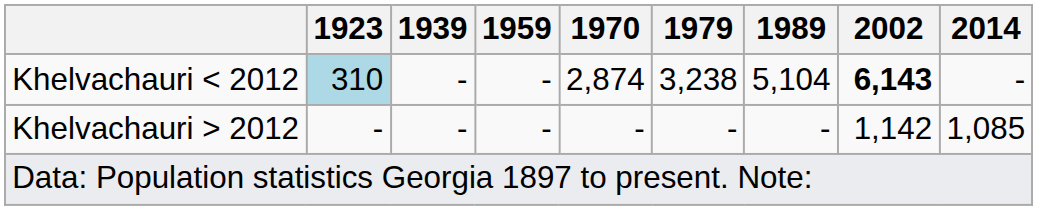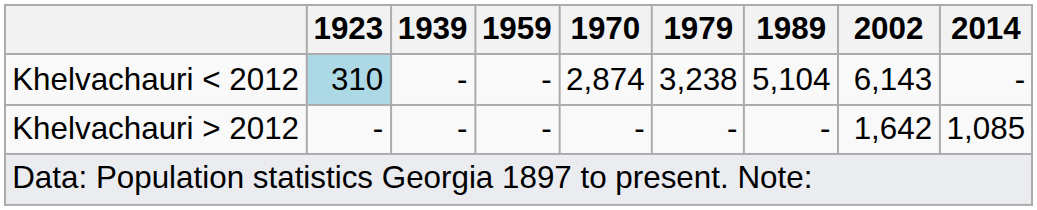 <table class="wikitable" style="text-align:right">
 <tr>
 <th></th>
 <th>1923</th>
 <th>1939</th>
 <th>1959</th>
 <th>1970</th>
 <th>1979</th>
 <th>1989</th>
 <th>2002</th>
 <th>2014</th>
 </tr>
 <tr>
 <td>Khelvachauri < 2012</td>
 <td style="background: lightblue;">310</td>
 <td>-</td>
 <td>-</td>
 <td> 2,874</td>
 <td> 3,238</td>
 <td> 5,104</td>
-<td><strong> 6,143</strong></td>
+<td> 6,143</td>
 <td>-</td>
 </tr>
 <tr>
 <td>Khelvachauri > 2012</td>
 <td>-</td>
 <td>-</td>
 <td>-</td>
 <td>-</td>
 <td>-</td>
 <td>-</td>
-<td> 1,142</td>
+<td> 1,642</td>
 <td> 1,085</td>
 </tr>
 <tr>
 <td colspan=10 class="wikitable" style="align:left;text-align:left;background-color:#eaecf0">Data: Population statistics Georgia 1897 to present. Note:</td>
 </tr>
 </table>
